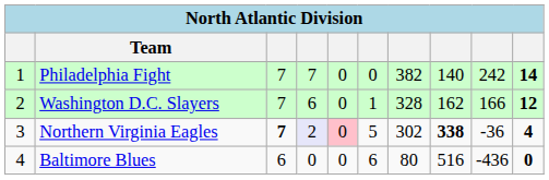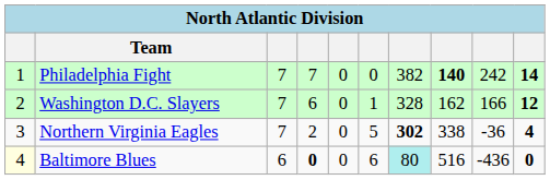 <table class="wikitable" style="text-align:center;">
 <tr>
 <td bgcolor=lightblue align="center" colspan="10"><strong><span>North Atlantic Division</span></strong></td>
 </tr>
 <tr>
 <th width="20"></th>
 <th width="200">Team</th>
 <th width="20"></th>
 <th width="20"></th>
 <th width="20"></th>
 <th width="20"></th>
 <th width="30"></th>
 <th width="30"></th>
 <th width="30"></th>
 <th width="20"></th>
 </tr>
 <tr style="background: #ccffcc;">
 <td>1</td>
 <td style="text-align:left;"> <a href='#'>Philadelphia Fight</a></td>
 <td>7</td>
 <td>7</td>
 <td>0</td>
 <td>0</td>
 <td>382</td>
-<td>140</td>
+<td><strong>140</strong></td>
 <td>242</td>
 <td><strong>14</strong></td>
 </tr>
 <tr style="background: #ccffcc;">
 <td>2</td>
 <td style="text-align:left;"> <a href='#'>Washington D.C. Slayers</a></td>
 <td>7</td>
 <td>6</td>
 <td>0</td>
 <td>1</td>
 <td>328</td>
 <td>162</td>
 <td>166</td>
 <td><strong>12</strong></td>
 </tr>
 <tr>
 <td>3</td>
 <td style="text-align:left;"> <a href='#'>Northern Virginia Eagles</a></td>
-<td><strong>7</strong></td>
-<td style="background: lavender;">2</td>
-<td style="background: pink;">0</td>
+<td>7</td>
+<td>2</td>
+<td>0</td>
 <td>5</td>
-<td>302</td>
-<td><strong>338</strong></td>
+<td><strong>302</strong></td>
+<td>338</td>
 <td>-36</td>
 <td><strong>4</strong></td>
 </tr>
 <tr>
-<td>4</td>
+<td style="background: lightyellow;">4</td>
 <td style="text-align:left;"> <a href='#'>Baltimore Blues</a></td>
 <td>6</td>
-<td>0</td>
+<td><strong>0</strong></td>
 <td>0</td>
 <td>6</td>
-<td>80</td>
+<td style="background: paleturquoise;">80</td>
 <td>516</td>
 <td>-436</td>
 <td><strong>0</strong></td>
 </tr>
 </table>
